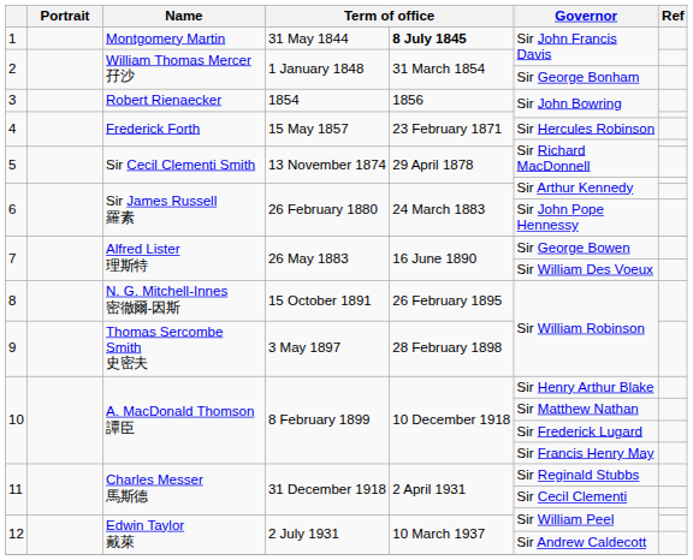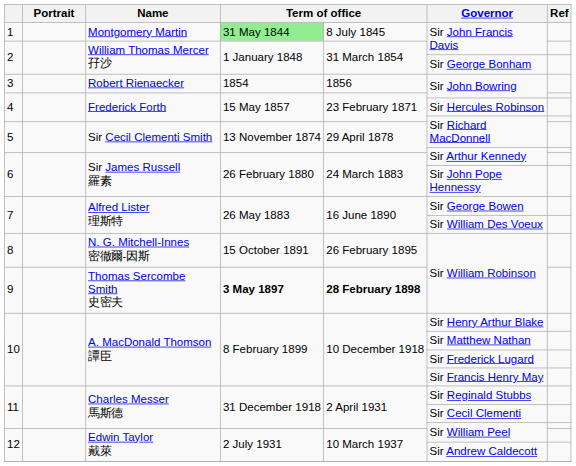 <table class="wikitable"  style="text-align:left">
 <tr>
 <th width=10px></th>
 <th width=80px>Portrait</th>
 <th width=180px>Name</th>
 <th width=180px colspan=2>Term of office</th>
 <th width=160px><a href='#'>Governor</a></th>
 <th>Ref</th>
 </tr>
 <tr>
 <td>1</td>
 <td></td>
 <td><a href='#'>Montgomery Martin</a></td>
-<td>31 May 1844</td>
-<td><strong>8 July 1845</strong></td>
+<td style="background: lightgreen;">31 May 1844</td>
+<td>8 July 1845</td>
 <td rowspan=2>Sir <a href='#'>John Francis Davis</a><br></td>
 <td></td>
 </tr>
 <tr>
 <td rowspan=2>2</td>
 <td rowspan=2></td>
 <td rowspan=2><a href='#'>William Thomas Mercer</a><br>孖沙</td>
 <td rowspan=2>1 January 1848</td>
 <td rowspan=2>31 March 1854</td>
 <td></td>
 </tr>
 <tr>
 <td>Sir <a href='#'>George Bonham</a><br></td>
 <td></td>
 </tr>
 <tr>
 <td>3</td>
 <td></td>
 <td><a href='#'>Robert Rienaecker</a></td>
 <td>1854</td>
 <td>1856</td>
 <td rowspan=2>Sir <a href='#'>John Bowring</a><br></td>
 <td></td>
 </tr>
 <tr>
 <td rowspan=3>4</td>
 <td rowspan=3></td>
 <td rowspan=3><a href='#'>Frederick Forth</a></td>
 <td rowspan=3>15 May 1857</td>
 <td rowspan=3>23 February 1871</td>
 <td></td>
 </tr>
 <tr>
 <td>Sir <a href='#'>Hercules Robinson</a><br></td>
 <td></td>
 </tr>
 <tr>
 <td rowspan=2>Sir <a href='#'>Richard MacDonnell</a><br></td>
 <td></td>
 </tr>
 <tr>
 <td rowspan=2>5</td>
 <td rowspan=2></td>
 <td rowspan=2>Sir <a href='#'>Cecil Clementi Smith</a></td>
 <td rowspan=2>13 November 1874</td>
 <td rowspan=2>29 April 1878</td>
 <td></td>
 </tr>
 <tr>
 <td rowspan=2>Sir <a href='#'>Arthur Kennedy</a><br></td>
 <td></td>
 </tr>
 <tr>
 <td rowspan=2>6</td>
 <td rowspan=2></td>
 <td rowspan=2>Sir <a href='#'>James Russell</a><br>羅素</td>
 <td rowspan=2>26 February 1880</td>
 <td rowspan=2>24 March 1883</td>
 <td></td>
 </tr>
 <tr>
 <td>Sir <a href='#'>John Pope Hennessy</a><br></td>
 <td></td>
 </tr>
 <tr>
 <td rowspan=2>7</td>
 <td rowspan=2></td>
 <td rowspan=2><a href='#'>Alfred Lister</a><br>理斯特</td>
 <td rowspan=2>26 May 1883</td>
 <td rowspan=2>16 June 1890</td>
 <td>Sir <a href='#'>George Bowen</a><br></td>
 <td></td>
 </tr>
 <tr>
 <td>Sir <a href='#'>William Des Voeux</a><br></td>
 <td></td>
 </tr>
 <tr>
 <td>8</td>
 <td></td>
 <td><a href='#'>N. G. Mitchell-Innes</a><br>密徹爾-因斯</td>
 <td>15 October 1891</td>
 <td>26 February 1895</td>
 <td rowspan=2>Sir <a href='#'>William Robinson</a><br></td>
 <td></td>
 </tr>
 <tr>
 <td>9</td>
 <td></td>
 <td><a href='#'>Thomas Sercombe Smith</a><br>史密夫</td>
-<td>3 May 1897</td>
-<td>28 February 1898</td>
+<td><strong>3 May 1897</strong></td>
+<td><strong>28 February 1898</strong></td>
 <td></td>
 </tr>
 <tr>
 <td rowspan=4>10</td>
 <td rowspan=4></td>
 <td rowspan=4><a href='#'>A. MacDonald Thomson</a><br>譚臣</td>
 <td rowspan=4>8 February 1899</td>
 <td rowspan=4>10 December 1918</td>
 <td>Sir <a href='#'>Henry Arthur Blake</a><br></td>
 <td></td>
 </tr>
 <tr>
 <td>Sir <a href='#'>Matthew Nathan</a><br></td>
 <td></td>
 </tr>
 <tr>
 <td>Sir <a href='#'>Frederick Lugard</a><br></td>
 <td></td>
 </tr>
 <tr>
 <td>Sir <a href='#'>Francis Henry May</a><br></td>
 <td></td>
 </tr>
 <tr>
 <td rowspan=3>11</td>
 <td rowspan=3></td>
 <td rowspan=3><a href='#'>Charles Messer</a><br>馬斯德</td>
 <td rowspan=3>31 December 1918</td>
 <td rowspan=3>2 April 1931</td>
 <td>Sir <a href='#'>Reginald Stubbs</a><br></td>
 <td></td>
 </tr>
 <tr>
 <td>Sir <a href='#'>Cecil Clementi</a><br></td>
 <td></td>
 </tr>
 <tr>
 <td rowspan=2>Sir <a href='#'>William Peel</a><br></td>
 <td></td>
 </tr>
 <tr>
 <td rowspan=2>12</td>
 <td rowspan=2></td>
 <td rowspan=2><a href='#'>Edwin Taylor</a><br>戴萊</td>
 <td rowspan=2>2 July 1931</td>
 <td rowspan=2>10 March 1937</td>
 <td></td>
 </tr>
 <tr>
 <td>Sir <a href='#'>Andrew Caldecott</a><br></td>
 <td></td>
 </tr>
 <tr>
 </tr>
 </table>
